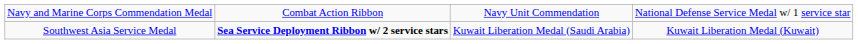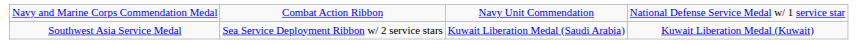 <table class="wikitable" style="margin:1em auto; text-align:center;">
 <tr>
 <td><a href='#'>Navy and Marine Corps Commendation Medal</a></td>
 <td><a href='#'>Combat Action Ribbon</a></td>
 <td><a href='#'>Navy Unit Commendation</a></td>
 <td><a href='#'>National Defense Service Medal</a> w/ 1 <a href='#'>service star</a></td>
 </tr>
 <tr>
 <td><a href='#'>Southwest Asia Service Medal</a></td>
-<td><strong><a href='#'>Sea Service Deployment Ribbon</a> w/ 2 service stars</strong></td>
+<td><a href='#'>Sea Service Deployment Ribbon</a> w/ 2 service stars</td>
 <td><a href='#'>Kuwait Liberation Medal (Saudi Arabia)</a></td>
 <td><a href='#'>Kuwait Liberation Medal (Kuwait)</a></td>
 </tr>
 </table>
